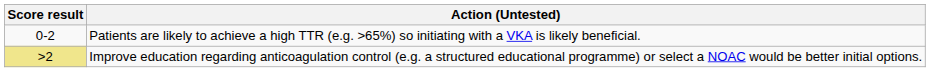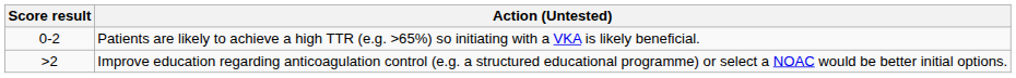 <table class="wikitable">
 <tr>
 <th>Score result</th>
 <th>Action (Untested)</th>
 </tr>
 <tr>
 <td style="text-align: center;">0-2</td>
 <td>Patients are likely to achieve a high TTR (e.g. >65%) so initiating with a <a href='#'>VKA</a> is likely beneficial.</td>
 </tr>
 <tr>
-<td style="background: khaki; text-align: center;">>2</td>
+<td style="text-align: center;">>2</td>
 <td>Improve education regarding anticoagulation control (e.g. a structured educational programme) or select a <a href='#'>NOAC</a> would be better initial options.</td>
 </tr>
 </table>
